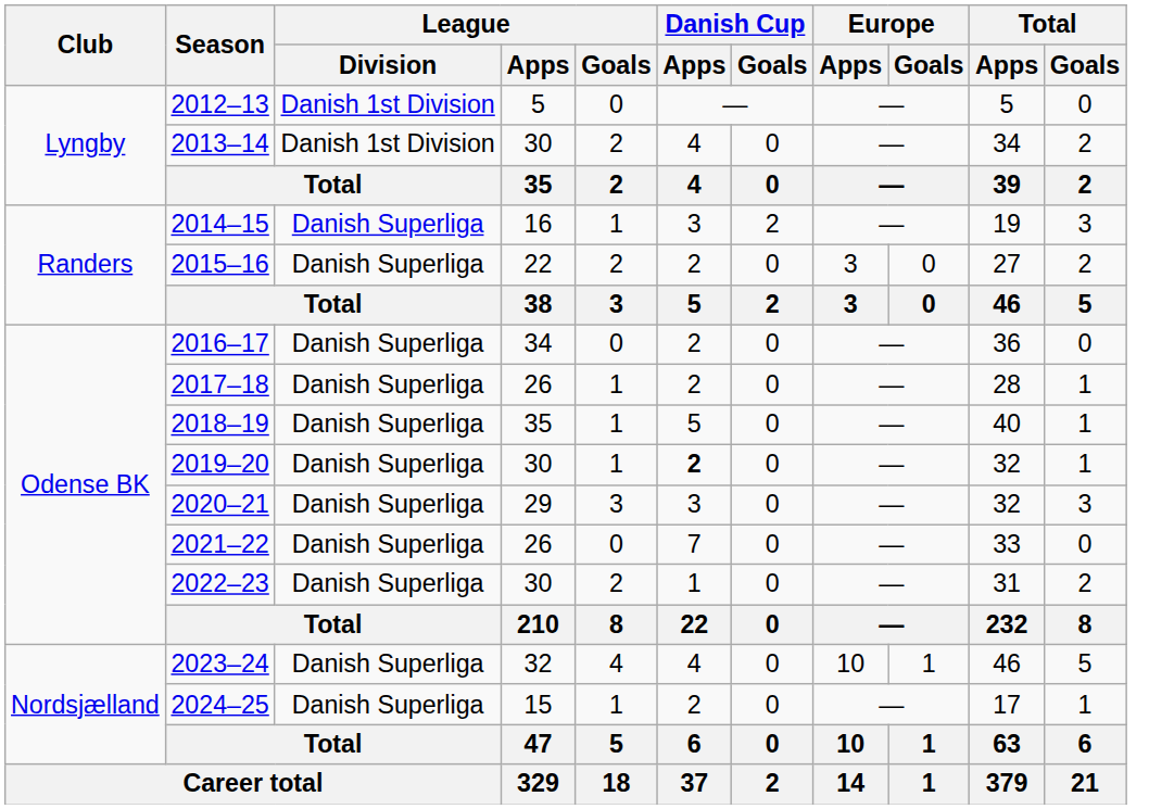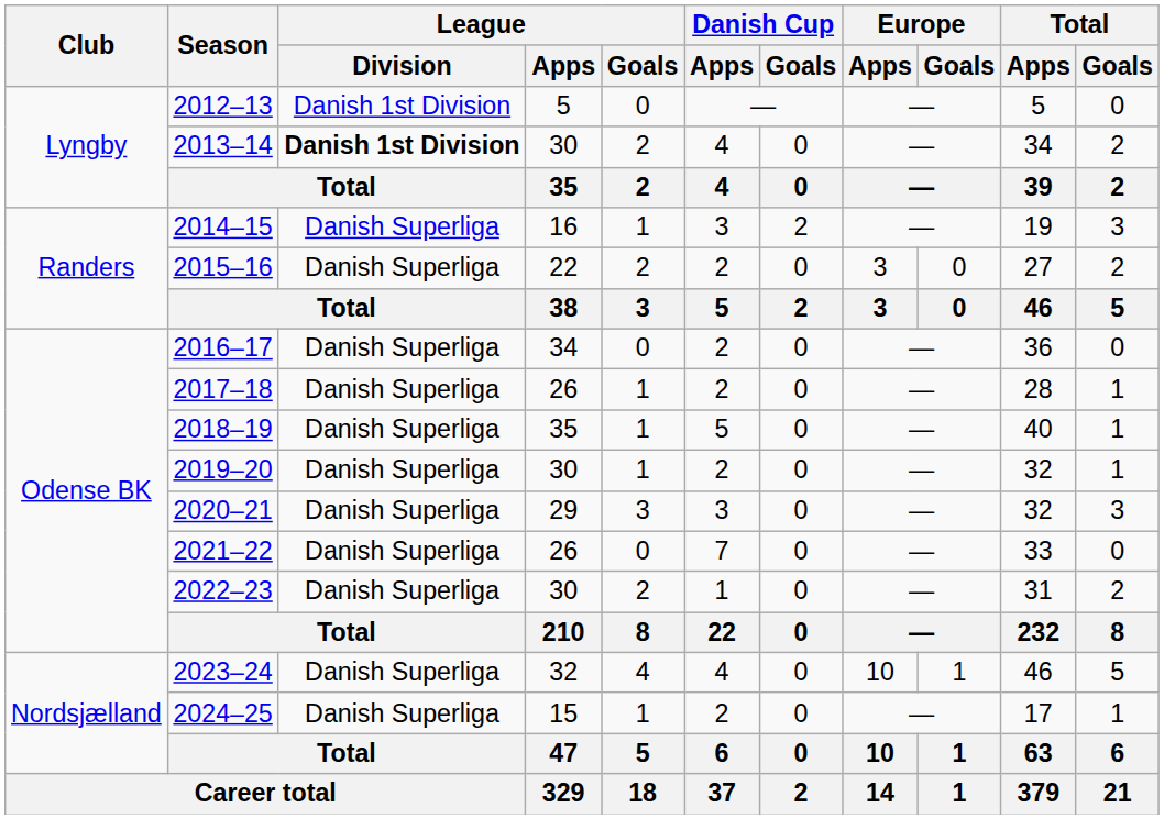 <table class="wikitable" style="text-align:center">
 <tr>
 <th rowspan="2">Club</th>
 <th rowspan="2">Season</th>
 <th colspan="3">League</th>
 <th colspan="2"><a href='#'>Danish Cup</a></th>
 <th colspan="2">Europe</th>
 <th colspan="2">Total</th>
 </tr>
 <tr>
 <th>Division</th>
 <th>Apps</th>
 <th>Goals</th>
 <th>Apps</th>
 <th>Goals</th>
 <th>Apps</th>
 <th>Goals</th>
 <th>Apps</th>
 <th>Goals</th>
 </tr>
 <tr>
 <td rowspan=3><a href='#'>Lyngby</a></td>
 <td><a href='#'>2012–13</a></td>
 <td><a href='#'>Danish 1st Division</a></td>
 <td>5</td>
 <td>0</td>
 <td colspan=2>—</td>
 <td colspan=2>—</td>
 <td>5</td>
 <td>0</td>
 </tr>
 <tr>
 <td><a href='#'>2013–14</a></td>
-<td>Danish 1st Division</td>
+<td><strong>Danish 1st Division</strong></td>
 <td>30</td>
 <td>2</td>
 <td>4</td>
 <td>0</td>
 <td colspan=2>—</td>
 <td>34</td>
 <td>2</td>
 </tr>
 <tr>
 <th colspan=2>Total</th>
 <th>35</th>
 <th>2</th>
 <th>4</th>
 <th>0</th>
 <th colspan=2>—</th>
 <th>39</th>
 <th>2</th>
 </tr>
 <tr>
 <td rowspan=3><a href='#'>Randers</a></td>
 <td><a href='#'>2014–15</a></td>
 <td><a href='#'>Danish Superliga</a></td>
 <td>16</td>
 <td>1</td>
 <td>3</td>
 <td>2</td>
 <td colspan=2>—</td>
 <td>19</td>
 <td>3</td>
 </tr>
 <tr>
 <td><a href='#'>2015–16</a></td>
 <td>Danish Superliga</td>
 <td>22</td>
 <td>2</td>
 <td>2</td>
 <td>0</td>
 <td>3</td>
 <td>0</td>
 <td>27</td>
 <td>2</td>
 </tr>
 <tr>
 <th colspan=2>Total</th>
 <th>38</th>
 <th>3</th>
 <th>5</th>
 <th>2</th>
 <th>3</th>
 <th>0</th>
 <th>46</th>
 <th>5</th>
 </tr>
 <tr>
 <td rowspan=8><a href='#'>Odense BK</a></td>
 <td><a href='#'>2016–17</a></td>
 <td>Danish Superliga</td>
 <td>34</td>
 <td>0</td>
 <td>2</td>
 <td>0</td>
 <td colspan=2>—</td>
 <td>36</td>
 <td>0</td>
 </tr>
 <tr>
 <td><a href='#'>2017–18</a></td>
 <td>Danish Superliga</td>
 <td>26</td>
 <td>1</td>
 <td>2</td>
 <td>0</td>
 <td colspan=2>—</td>
 <td>28</td>
 <td>1</td>
 </tr>
 <tr>
 <td><a href='#'>2018–19</a></td>
 <td>Danish Superliga</td>
 <td>35</td>
 <td>1</td>
 <td>5</td>
 <td>0</td>
 <td colspan=2>—</td>
 <td>40</td>
 <td>1</td>
 </tr>
 <tr>
 <td><a href='#'>2019–20</a></td>
 <td>Danish Superliga</td>
 <td>30</td>
 <td>1</td>
-<td><strong>2</strong></td>
+<td>2</td>
 <td>0</td>
 <td colspan=2>—</td>
 <td>32</td>
 <td>1</td>
 </tr>
 <tr>
 <td><a href='#'>2020–21</a></td>
 <td>Danish Superliga</td>
 <td>29</td>
 <td>3</td>
 <td>3</td>
 <td>0</td>
 <td colspan=2>—</td>
 <td>32</td>
 <td>3</td>
 </tr>
 <tr>
 <td><a href='#'>2021–22</a></td>
 <td>Danish Superliga</td>
 <td>26</td>
 <td>0</td>
 <td>7</td>
 <td>0</td>
 <td colspan=2>—</td>
 <td>33</td>
 <td>0</td>
 </tr>
 <tr>
 <td><a href='#'>2022–23</a></td>
 <td>Danish Superliga</td>
 <td>30</td>
 <td>2</td>
 <td>1</td>
 <td>0</td>
 <td colspan=2>—</td>
 <td>31</td>
 <td>2</td>
 </tr>
 <tr>
 <th colspan=2>Total</th>
 <th>210</th>
 <th>8</th>
 <th>22</th>
 <th>0</th>
 <th colspan=2>—</th>
 <th>232</th>
 <th>8</th>
 </tr>
 <tr>
 <td rowspan="3"><a href='#'>Nordsjælland</a></td>
 <td><a href='#'>2023–24</a></td>
 <td>Danish Superliga</td>
 <td>32</td>
 <td>4</td>
 <td>4</td>
 <td>0</td>
 <td>10</td>
 <td>1</td>
 <td>46</td>
 <td>5</td>
 </tr>
 <tr>
 <td><a href='#'>2024–25</a></td>
 <td>Danish Superliga</td>
 <td>15</td>
 <td>1</td>
 <td>2</td>
 <td>0</td>
 <td colspan="2">—</td>
 <td>17</td>
 <td>1</td>
 </tr>
 <tr>
 <th colspan=2>Total</th>
 <th>47</th>
 <th>5</th>
 <th>6</th>
 <th>0</th>
 <th>10</th>
 <th>1</th>
 <th>63</th>
 <th>6</th>
 </tr>
 <tr>
 <th colspan=3>Career total</th>
 <th>329</th>
 <th>18</th>
 <th>37</th>
 <th>2</th>
 <th>14</th>
 <th>1</th>
 <th>379</th>
 <th>21</th>
 </tr>
 </table>
